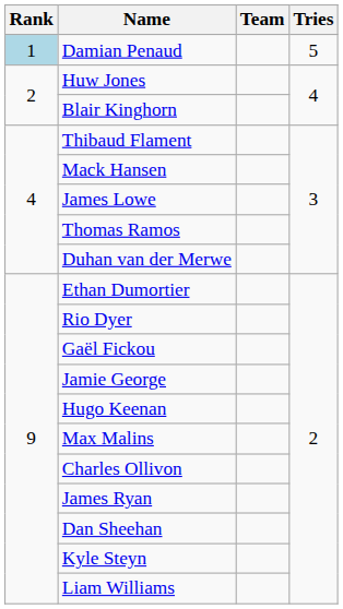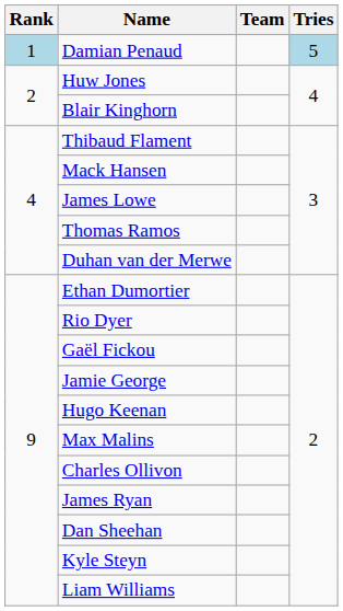 <table class="wikitable" style="text-align:center">
 <tr>
 <th>Rank</th>
 <th>Name</th>
 <th>Team</th>
 <th>Tries</th>
 </tr>
 <tr>
 <td style="background: lightblue;">1</td>
 <td align="left"><a href='#'>Damian Penaud</a></td>
 <td align="left"></td>
-<td>5</td>
+<td style="background: lightblue;">5</td>
 </tr>
 <tr>
 <td rowspan=2>2</td>
 <td align="left"><a href='#'>Huw Jones</a></td>
 <td align="left"></td>
 <td rowspan=2>4</td>
 </tr>
 <tr>
 <td align="left"><a href='#'>Blair Kinghorn</a></td>
 <td align="left"></td>
 </tr>
 <tr>
 <td rowspan=5>4</td>
 <td align="left"><a href='#'>Thibaud Flament</a></td>
 <td align="left"></td>
 <td rowspan=5>3</td>
 </tr>
 <tr>
 <td align="left"><a href='#'>Mack Hansen</a></td>
 <td align="left"></td>
 </tr>
 <tr>
 <td align="left"><a href='#'>James Lowe</a></td>
 <td align="left"></td>
 </tr>
 <tr>
 <td align="left"><a href='#'>Thomas Ramos</a></td>
 <td align="left"></td>
 </tr>
 <tr>
 <td align="left"><a href='#'>Duhan van der Merwe</a></td>
 <td align="left"></td>
 </tr>
 <tr>
 <td rowspan="11">9</td>
 <td align="left"><a href='#'>Ethan Dumortier</a></td>
 <td align="left"></td>
 <td rowspan="11">2</td>
 </tr>
 <tr>
 <td align="left"><a href='#'>Rio Dyer</a></td>
 <td align="left"></td>
 </tr>
 <tr>
 <td align="left"><a href='#'>Gaël Fickou</a></td>
 <td align="left"></td>
 </tr>
 <tr>
 <td align="left"><a href='#'>Jamie George</a></td>
 <td align="left"></td>
 </tr>
 <tr>
 <td align="left"><a href='#'>Hugo Keenan</a></td>
 <td align="left"></td>
 </tr>
 <tr>
 <td align="left"><a href='#'>Max Malins</a></td>
 <td align="left"></td>
 </tr>
 <tr>
 <td align="left"><a href='#'>Charles Ollivon</a></td>
 <td align="left"></td>
 </tr>
 <tr>
 <td align="left"><a href='#'>James Ryan</a></td>
 <td align="left"></td>
 </tr>
 <tr>
 <td align="left"><a href='#'>Dan Sheehan</a></td>
 <td align="left"></td>
 </tr>
 <tr>
 <td align="left"><a href='#'>Kyle Steyn</a></td>
 <td align="left"></td>
 </tr>
 <tr>
 <td align="left"><a href='#'>Liam Williams</a></td>
 <td align="left"></td>
 </tr>
 </table>
